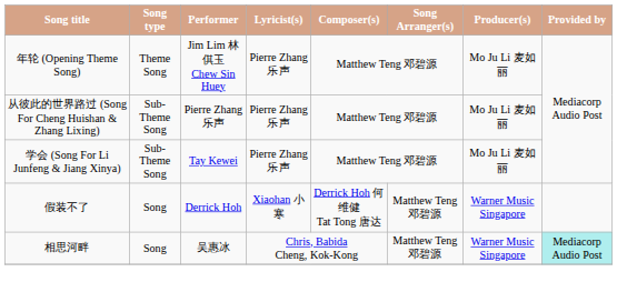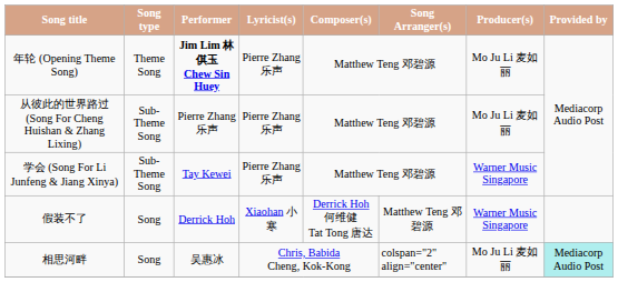 <table class="wikitable" align=center>
 <tr>
 <th style="background:#d6a387; color:white">Song title</th>
 <th style="background:#d6a387; color:white">Song type</th>
 <th style="background:#d6a387; color:white">Performer</th>
 <th style="background:#d6a387; color:white">Lyricist(s)</th>
 <th style="background:#d6a387; color:white">Composer(s)</th>
 <th style="background:#d6a387; color:white">Song Arranger(s)</th>
 <th style="background:#d6a387; color:white">Producer(s)</th>
 <th style="background:#d6a387; color:white">Provided by</th>
 </tr>
 <tr>
 <td align="center">年轮 (Opening Theme Song)</td>
 <td align="center">Theme Song</td>
-<td align="center">Jim Lim 林倛玉 <br> <a href='#'>Chew Sin Huey</a></td>
+<td align="center"><strong>Jim Lim 林倛玉 <br> <a href='#'>Chew Sin Huey</a></strong></td>
 <td align="center">Pierre Zhang 乐声</td>
 <td colspan="2" align="center">Matthew Teng 邓碧源</td>
 <td align="center">Mo Ju Li 麦如丽</td>
 <td rowspan="3" align="center">Mediacorp Audio Post</td>
 </tr>
 <tr>
 <td align="center">从彼此的世界路过 (Song For Cheng Huishan & Zhang Lixing)</td>
 <td align="center">Sub-Theme Song</td>
 <td align="center">Pierre Zhang 乐声</td>
 <td align="center">Pierre Zhang 乐声</td>
 <td colspan="2" align="center">Matthew Teng 邓碧源</td>
 <td align="center">Mo Ju Li 麦如丽</td>
 </tr>
 <tr>
 <td align="center">学会 (Song For Li Junfeng & Jiang Xinya)</td>
 <td align="center">Sub-Theme Song</td>
 <td align="center"><a href='#'>Tay Kewei</a></td>
 <td align="center">Pierre Zhang 乐声</td>
 <td colspan="2" align="center">Matthew Teng 邓碧源</td>
-<td align="center">Mo Ju Li 麦如丽</td>
+<td align="center"><a href='#'>Warner Music Singapore</a></td>
 </tr>
 <tr>
 <td align="center">假装不了</td>
 <td align="center">Song</td>
 <td align="center"><a href='#'>Derrick Hoh</a></td>
 <td align="center"><a href='#'>Xiaohan</a> 小寒</td>
 <td align="center"><a href='#'>Derrick Hoh</a> 何维健 <br> Tat Tong 唐达</td>
 <td align="center">Matthew Teng 邓碧源</td>
 <td align="center"><a href='#'>Warner Music Singapore</a></td>
 </tr>
 <tr>
 <td align="center">相思河畔</td>
 <td align="center">Song</td>
 <td align="center">吴惠冰</td>
 <td colspan="2" align="center"><a href='#'>Chris, Babida</a> <br> Cheng, Kok-Kong</td>
-<td align="center">Matthew Teng 邓碧源</td>
-<td align="center"><a href='#'>Warner Music Singapore</a></td>
+<td>colspan="2" align="center" </td>
+<td align="center">Mo Ju Li 麦如丽</td>
 <td align="center" style="background: paleturquoise;">Mediacorp Audio Post</td>
 </tr>
 <tr>
 </tr>
 </table>
